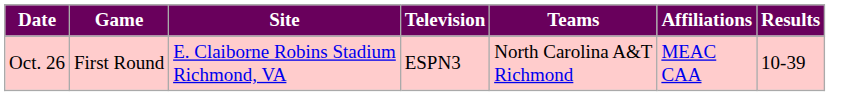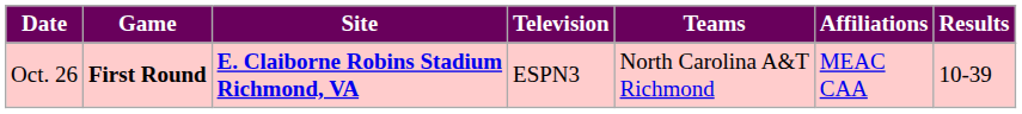 <table class="wikitable" style="font-size:90%;">
 <tr>
 <th colspan="1" style="background-color: #69005C; color:white; text-align: center;">Date</th>
 <th colspan="1" style="background-color: #69005C; color:white; text-align: center;">Game</th>
 <th colspan="1" style="background-color: #69005C; color:white; text-align: center;">Site</th>
 <th colspan="1" style="background-color: #69005C; color:white; text-align: center;">Television</th>
 <th colspan="1" style="background-color: #69005C; color:white; text-align: center;">Teams</th>
 <th colspan="1" style="background-color: #69005C; color:white; text-align: center;">Affiliations</th>
 <th colspan="1" style="background-color: #69005C; color:white; text-align: center;">Results</th>
 </tr>
 <tr>
 </tr>
 <tr bgcolor=#ffcccc>
 <td rowspan=2 style=white-space:nowrap>Oct. 26</td>
-<td>First Round</td>
-<td><a href='#'>E. Claiborne Robins Stadium</a><br><a href='#'>Richmond, VA</a><br></td>
+<td><strong>First Round</strong></td>
+<td><strong><a href='#'>E. Claiborne Robins Stadium</a><br><a href='#'>Richmond, VA</a><br></strong></td>
 <td rowspan=3>ESPN3</td>
 <td>North Carolina A&T<br><a href='#'>Richmond</a></td>
 <td><a href='#'>MEAC</a><br><a href='#'>CAA</a></td>
 <td>10-39</td>
 </tr>
 </table>
